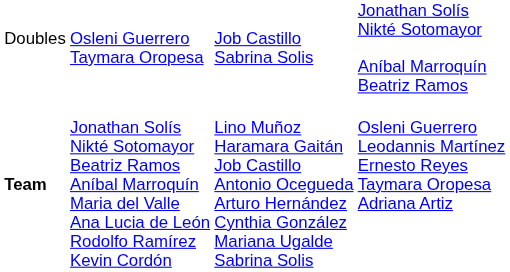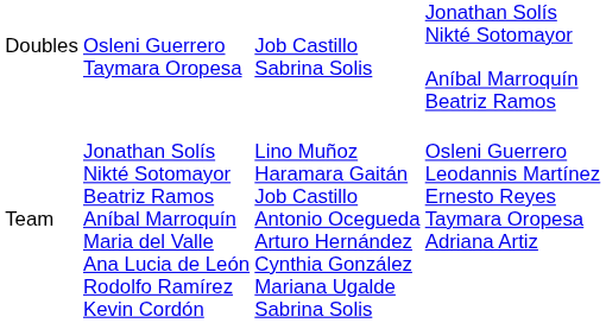 <table>
 <tr>
 <td>Doubles</td>
 <td><br><a href='#'>Osleni Guerrero</a><br><a href='#'>Taymara Oropesa</a></td>
 <td><br><a href='#'>Job Castillo</a><br><a href='#'>Sabrina Solis</a></td>
 <td><br><a href='#'>Jonathan Solís</a><br><a href='#'>Nikté Sotomayor</a><br><br><a href='#'>Aníbal Marroquín</a><br><a href='#'>Beatriz Ramos</a></td>
 </tr>
 <tr>
-<td><strong>Team</strong></td>
+<td>Team</td>
 <td><br><a href='#'>Jonathan Solís</a><br><a href='#'>Nikté Sotomayor</a><br><a href='#'>Beatriz Ramos</a><br><a href='#'>Aníbal Marroquín</a><br><a href='#'>Maria del Valle</a><br><a href='#'>Ana Lucia de León</a><br><a href='#'>Rodolfo Ramírez</a><br><a href='#'>Kevin Cordón</a></td>
 <td><br><a href='#'>Lino Muñoz</a><br><a href='#'>Haramara Gaitán</a><br><a href='#'>Job Castillo</a><br><a href='#'>Antonio Ocegueda</a><br><a href='#'>Arturo Hernández</a><br><a href='#'>Cynthia González</a><br><a href='#'>Mariana Ugalde</a><br><a href='#'>Sabrina Solis</a></td>
 <td valign=top><br><a href='#'>Osleni Guerrero</a><br><a href='#'>Leodannis Martínez</a><br><a href='#'>Ernesto Reyes</a><br><a href='#'>Taymara Oropesa</a><br><a href='#'>Adriana Artiz</a></td>
 </tr>
 <tr>
 </tr>
 </table>
